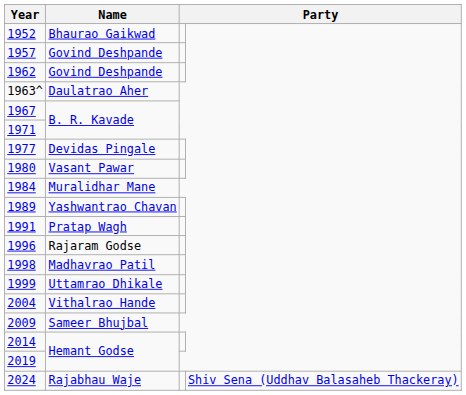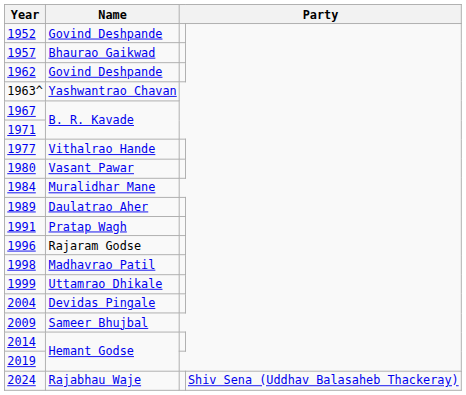 <table class ="wikitable">
 <tr>
 <th>Year</th>
 <th>Name</th>
 <th colspan="2">Party</th>
 </tr>
 <tr>
 <td><a href='#'>1952</a></td>
-<td><a href='#'>Bhaurao Gaikwad</a></td>
+<td><a href='#'>Govind Deshpande</a></td>
 <td></td>
 </tr>
 <tr>
 <td><a href='#'>1957</a></td>
-<td><a href='#'>Govind Deshpande</a></td>
+<td><a href='#'>Bhaurao Gaikwad</a></td>
 <td></td>
 </tr>
 <tr>
 <td><a href='#'>1962</a></td>
 <td><a href='#'>Govind Deshpande</a></td>
 <td></td>
 </tr>
 <tr>
 <td>1963^</td>
-<td><a href='#'>Daulatrao Aher</a></td>
+<td><a href='#'>Yashwantrao Chavan</a></td>
 </tr>
 <tr>
 <td><a href='#'>1967</a></td>
 <td rowspan="2"><a href='#'>B. R. Kavade</a></td>
 </tr>
 <tr>
 <td><a href='#'>1971</a></td>
 </tr>
 <tr>
 <td><a href='#'>1977</a></td>
-<td><a href='#'>Devidas Pingale</a></td>
+<td><a href='#'>Vithalrao Hande</a></td>
 <td></td>
 </tr>
 <tr>
 <td><a href='#'>1980</a></td>
 <td><a href='#'>Vasant Pawar</a></td>
 <td></td>
 </tr>
 <tr>
 <td><a href='#'>1984</a></td>
 <td><a href='#'>Muralidhar Mane</a></td>
 </tr>
 <tr>
 <td><a href='#'>1989</a></td>
-<td><a href='#'>Yashwantrao Chavan</a></td>
+<td><a href='#'>Daulatrao Aher</a></td>
 <td></td>
 </tr>
 <tr>
 <td><a href='#'>1991</a></td>
 <td><a href='#'>Pratap Wagh</a></td>
 <td></td>
 </tr>
 <tr>
 <td><a href='#'>1996</a></td>
 <td>Rajaram Godse</td>
 <td></td>
 </tr>
 <tr>
 <td><a href='#'>1998</a></td>
 <td><a href='#'>Madhavrao Patil</a></td>
 <td></td>
 </tr>
 <tr>
 <td><a href='#'>1999</a></td>
 <td><a href='#'>Uttamrao Dhikale</a></td>
 <td></td>
 </tr>
 <tr>
 <td><a href='#'>2004</a></td>
-<td><a href='#'>Vithalrao Hande</a></td>
+<td><a href='#'>Devidas Pingale</a></td>
 <td></td>
 </tr>
 <tr>
 <td><a href='#'>2009</a></td>
 <td><a href='#'>Sameer Bhujbal</a></td>
 </tr>
 <tr>
 <td><a href='#'>2014</a></td>
 <td rowspan="2"><a href='#'>Hemant Godse</a></td>
 <td></td>
 </tr>
 <tr>
 <td><a href='#'>2019</a></td>
 </tr>
 <tr>
 <td><a href='#'>2024</a></td>
 <td rowspan="2"><a href='#'>Rajabhau Waje</a></td>
 <td style="background-color: "></td>
 <td><a href='#'>Shiv Sena (Uddhav Balasaheb Thackeray)</a></td>
 </tr>
 </table>
